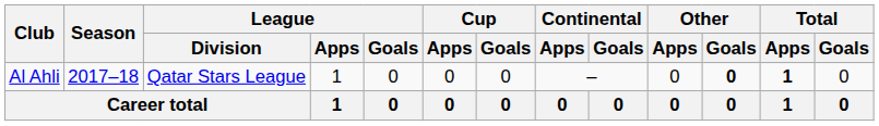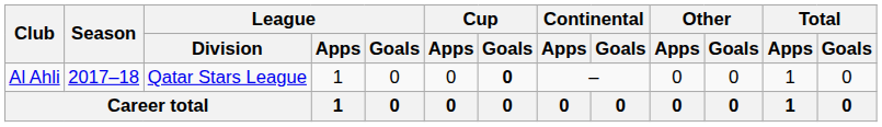 <table class="wikitable" style="text-align: center">
 <tr>
 <th rowspan="2">Club</th>
 <th rowspan="2">Season</th>
 <th colspan="3">League</th>
 <th colspan="2">Cup</th>
 <th colspan="2">Continental</th>
 <th colspan="2">Other</th>
 <th colspan="2">Total</th>
 </tr>
 <tr>
 <th>Division</th>
 <th>Apps</th>
 <th>Goals</th>
 <th>Apps</th>
 <th>Goals</th>
 <th>Apps</th>
 <th>Goals</th>
 <th>Apps</th>
 <th>Goals</th>
 <th>Apps</th>
 <th>Goals</th>
 </tr>
 <tr>
 <td><a href='#'>Al Ahli</a></td>
 <td><a href='#'>2017–18</a></td>
 <td><a href='#'>Qatar Stars League</a></td>
 <td>1</td>
 <td>0</td>
 <td>0</td>
-<td>0</td>
+<td><strong>0</strong></td>
 <td colspan="2">–</td>
 <td>0</td>
-<td><strong>0</strong></td>
-<td><strong>1</strong></td>
+<td>0</td>
+<td>1</td>
 <td>0</td>
 </tr>
 <tr>
 <th colspan=3>Career total</th>
 <th>1</th>
 <th>0</th>
 <th>0</th>
 <th>0</th>
 <th>0</th>
 <th>0</th>
 <th>0</th>
 <th>0</th>
 <th>1</th>
 <th>0</th>
 </tr>
 </table>
